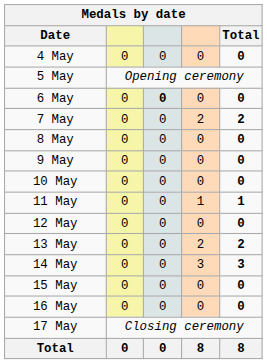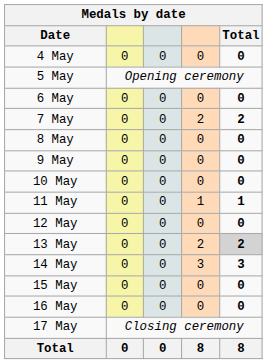 <table class="wikitable" style="font-size:90%; text-align:center;">
 <tr style="background:#efefef;">
 <th colspan=6><strong>Medals by date</strong></th>
 </tr>
 <tr>
 <th width=90><strong>Date</strong></th>
 <th width=30 style="background:#F7F6A8;"></th>
 <th width=30 style="background:#DCE5E5;"></th>
 <th width=30 style="background:#FFDAB9;"></th>
 <th width=30><strong>Total</strong></th>
 </tr>
 <tr>
 <td>4 May</td>
 <td style="background:#F7F6A8;">0</td>
 <td style="background:#DCE5E5;">0</td>
 <td style="background:#FFDAB9;">0</td>
 <td><strong>0</strong></td>
 </tr>
 <tr>
 <td>5 May</td>
 <td colspan="4" style="text-align:left center ;"> <em>Opening ceremony</em></td>
 </tr>
 <tr>
 <td>6 May</td>
 <td style="background:#F7F6A8;">0</td>
-<td style="background:#DCE5E5;"><strong>0</strong></td>
+<td style="background:#DCE5E5;">0</td>
 <td style="background:#FFDAB9;">0</td>
 <td><strong>0</strong></td>
 </tr>
 <tr>
 <td>7 May</td>
 <td style="background:#F7F6A8;">0</td>
 <td style="background:#DCE5E5;">0</td>
 <td style="background:#FFDAB9;">2</td>
 <td><strong>2</strong></td>
 </tr>
 <tr>
 <td>8 May</td>
 <td style="background:#F7F6A8;">0</td>
 <td style="background:#DCE5E5;">0</td>
 <td style="background:#FFDAB9;">0</td>
 <td><strong>0</strong></td>
 </tr>
 <tr>
 <td>9 May</td>
 <td style="background:#F7F6A8;">0</td>
 <td style="background:#DCE5E5;">0</td>
 <td style="background:#FFDAB9;">0</td>
 <td><strong>0</strong></td>
 </tr>
 <tr>
 <td>10 May</td>
 <td style="background:#F7F6A8;">0</td>
 <td style="background:#DCE5E5;">0</td>
 <td style="background:#FFDAB9;">0</td>
 <td><strong>0</strong></td>
 </tr>
 <tr>
 <td>11 May</td>
 <td style="background:#F7F6A8;">0</td>
 <td style="background:#DCE5E5;">0</td>
 <td style="background:#FFDAB9;">1</td>
 <td><strong>1</strong></td>
 </tr>
 <tr>
 <td>12 May</td>
 <td style="background:#F7F6A8;">0</td>
 <td style="background:#DCE5E5;">0</td>
 <td style="background:#FFDAB9;">0</td>
 <td><strong>0</strong></td>
 </tr>
 <tr>
 <td>13 May</td>
 <td style="background:#F7F6A8;">0</td>
 <td style="background:#DCE5E5;">0</td>
 <td style="background:#FFDAB9;">2</td>
-<td><strong>2</strong></td>
+<td style="background: lightgrey;"><strong>2</strong></td>
 </tr>
 <tr>
 <td>14 May</td>
 <td style="background:#F7F6A8;">0</td>
 <td style="background:#DCE5E5;">0</td>
 <td style="background:#FFDAB9;">3</td>
 <td><strong>3</strong></td>
 </tr>
 <tr>
 <td>15 May</td>
 <td style="background:#F7F6A8;">0</td>
 <td style="background:#DCE5E5;">0</td>
 <td style="background:#FFDAB9;">0</td>
 <td><strong>0</strong></td>
 </tr>
 <tr>
 <td>16 May</td>
 <td style="background:#F7F6A8;">0</td>
 <td style="background:#DCE5E5;">0</td>
 <td style="background:#FFDAB9;">0</td>
 <td><strong>0</strong></td>
 </tr>
 <tr>
 <td>17 May</td>
 <td colspan="4"> <em>Closing ceremony</em></td>
 </tr>
 <tr class="sortbottom">
 <th><strong>Total</strong></th>
 <th><strong>0</strong></th>
 <th><strong>0</strong></th>
 <th><strong>8</strong></th>
 <th><strong>8</strong></th>
 </tr>
 </table>
